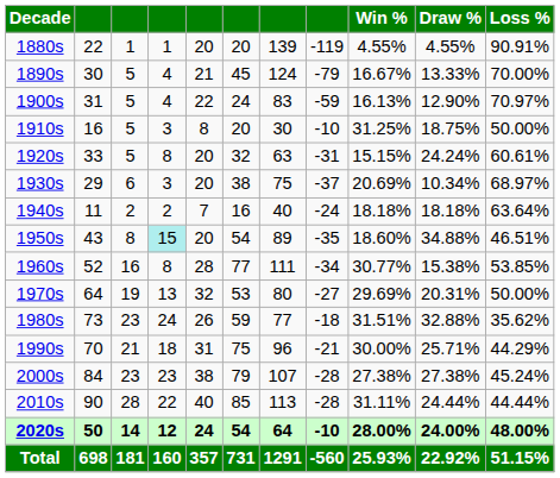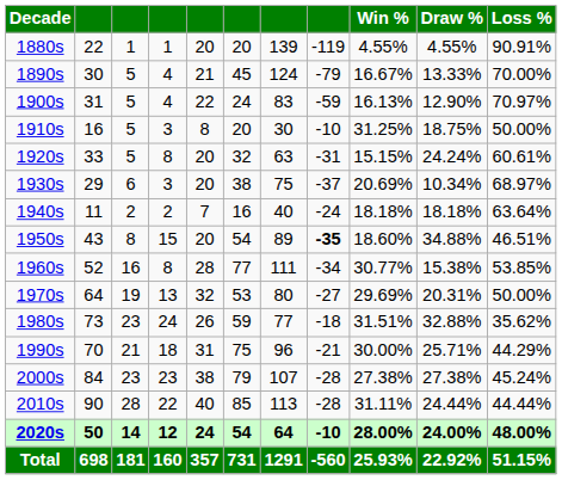 <table class="wikitable sortable" style="text-align:center">
 <tr>
 <th style="background-color:#008000; color:white; ">Decade</th>
 <th style="background-color:#008000; color:white; "></th>
 <th style="background-color:#008000; color:white; "></th>
 <th style="background-color:#008000; color:white; "></th>
 <th style="background-color:#008000; color:white; "></th>
 <th style="background-color:#008000; color:white; "></th>
 <th style="background-color:#008000; color:white; "></th>
 <th style="background-color:#008000; color:white; "></th>
 <th style="background-color:#008000; color:white; ">Win %</th>
 <th style="background-color:#008000; color:white; ">Draw %</th>
 <th style="background-color:#008000; color:white; ">Loss %</th>
 </tr>
 <tr>
 <td><a href='#'>1880s</a></td>
 <td>22</td>
 <td>1</td>
 <td>1</td>
 <td>20</td>
 <td>20</td>
 <td>139</td>
 <td>-119</td>
 <td>4.55%</td>
 <td>4.55%</td>
 <td>90.91%</td>
 </tr>
 <tr>
 <td><a href='#'>1890s</a></td>
 <td>30</td>
 <td>5</td>
 <td>4</td>
 <td>21</td>
 <td>45</td>
 <td>124</td>
 <td>-79</td>
 <td>16.67%</td>
 <td>13.33%</td>
 <td>70.00%</td>
 </tr>
 <tr>
 <td><a href='#'>1900s</a></td>
 <td>31</td>
 <td>5</td>
 <td>4</td>
 <td>22</td>
 <td>24</td>
 <td>83</td>
 <td>-59</td>
 <td>16.13%</td>
 <td>12.90%</td>
 <td>70.97%</td>
 </tr>
 <tr>
 <td><a href='#'>1910s</a></td>
 <td>16</td>
 <td>5</td>
 <td>3</td>
 <td>8</td>
 <td>20</td>
 <td>30</td>
 <td>-10</td>
 <td>31.25%</td>
 <td>18.75%</td>
 <td>50.00%</td>
 </tr>
 <tr>
 <td><a href='#'>1920s</a></td>
 <td>33</td>
 <td>5</td>
 <td>8</td>
 <td>20</td>
 <td>32</td>
 <td>63</td>
 <td>-31</td>
 <td>15.15%</td>
 <td>24.24%</td>
 <td>60.61%</td>
 </tr>
 <tr>
 <td><a href='#'>1930s</a></td>
 <td>29</td>
 <td>6</td>
 <td>3</td>
 <td>20</td>
 <td>38</td>
 <td>75</td>
 <td>-37</td>
 <td>20.69%</td>
 <td>10.34%</td>
 <td>68.97%</td>
 </tr>
 <tr>
 <td><a href='#'>1940s</a></td>
 <td>11</td>
 <td>2</td>
 <td>2</td>
 <td>7</td>
 <td>16</td>
 <td>40</td>
 <td>-24</td>
 <td>18.18%</td>
 <td>18.18%</td>
 <td>63.64%</td>
 </tr>
 <tr>
 <td><a href='#'>1950s</a></td>
 <td>43</td>
 <td>8</td>
-<td style="background: paleturquoise;">15</td>
+<td>15</td>
 <td>20</td>
 <td>54</td>
 <td>89</td>
-<td>-35</td>
+<td><strong>-35</strong></td>
 <td>18.60%</td>
 <td>34.88%</td>
 <td>46.51%</td>
 </tr>
 <tr>
 <td><a href='#'>1960s</a></td>
 <td>52</td>
 <td>16</td>
 <td>8</td>
 <td>28</td>
 <td>77</td>
 <td>111</td>
 <td>-34</td>
 <td>30.77%</td>
 <td>15.38%</td>
 <td>53.85%</td>
 </tr>
 <tr>
 <td><a href='#'>1970s</a></td>
 <td>64</td>
 <td>19</td>
 <td>13</td>
 <td>32</td>
 <td>53</td>
 <td>80</td>
 <td>-27</td>
 <td>29.69%</td>
 <td>20.31%</td>
 <td>50.00%</td>
 </tr>
 <tr>
 <td><a href='#'>1980s</a></td>
 <td>73</td>
 <td>23</td>
 <td>24</td>
 <td>26</td>
 <td>59</td>
 <td>77</td>
 <td>-18</td>
 <td>31.51%</td>
 <td>32.88%</td>
 <td>35.62%</td>
 </tr>
 <tr>
 <td><a href='#'>1990s</a></td>
 <td>70</td>
 <td>21</td>
 <td>18</td>
 <td>31</td>
 <td>75</td>
 <td>96</td>
 <td>-21</td>
 <td>30.00%</td>
 <td>25.71%</td>
 <td>44.29%</td>
 </tr>
 <tr>
 <td><a href='#'>2000s</a></td>
 <td>84</td>
 <td>23</td>
 <td>23</td>
 <td>38</td>
 <td>79</td>
 <td>107</td>
 <td>-28</td>
 <td>27.38%</td>
 <td>27.38%</td>
 <td>45.24%</td>
 </tr>
 <tr>
 <td><a href='#'>2010s</a></td>
 <td>90</td>
 <td>28</td>
 <td>22</td>
 <td>40</td>
 <td>85</td>
 <td>113</td>
 <td>-28</td>
 <td>31.11%</td>
 <td>24.44%</td>
 <td>44.44%</td>
 </tr>
 <tr bgcolor=#CFC>
 <td><strong><a href='#'>2020s</a></strong></td>
 <td><strong>50</strong></td>
 <td><strong>14</strong></td>
 <td><strong>12</strong></td>
 <td><strong>24</strong></td>
 <td><strong>54</strong></td>
 <td><strong>64</strong></td>
 <td><strong>-10</strong></td>
 <td><strong>28.00%</strong></td>
 <td><strong>24.00%</strong></td>
 <td><strong>48.00%</strong></td>
 </tr>
 <tr class="sortbottom">
 <th style="background-color:#008000; color:white; "><strong>Total</strong></th>
 <th style="background-color:#008000; color:white; "><strong>698</strong></th>
 <th style="background-color:#008000; color:white; "><strong>181</strong></th>
 <th style="background-color:#008000; color:white; "><strong>160</strong></th>
 <th style="background-color:#008000; color:white; "><strong>357</strong></th>
 <th style="background-color:#008000; color:white; "><strong>731</strong></th>
 <th style="background-color:#008000; color:white; "><strong>1291</strong></th>
 <th style="background-color:#008000; color:white; "><strong>-560</strong></th>
 <th style="background-color:#008000; color:white; "><strong>25.93%</strong></th>
 <th style="background-color:#008000; color:white; "><strong>22.92%</strong></th>
 <th style="background-color:#008000; color:white; "><strong>51.15%</strong></th>
 </tr>
 <tr>
 </tr>
 </table>
